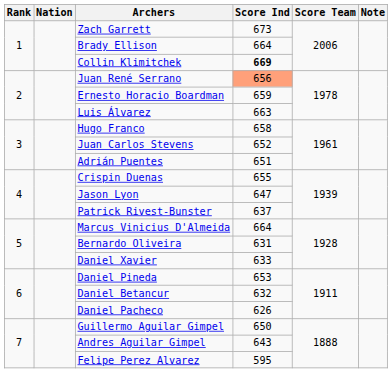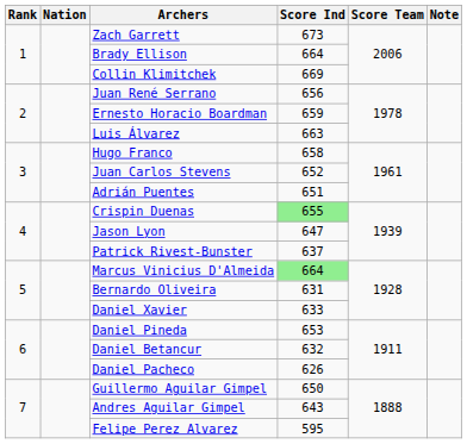 <table class="wikitable sortable" style="text-align:center">
 <tr>
 <th>Rank</th>
 <th>Nation</th>
 <th>Archers</th>
 <th>Score Ind</th>
 <th>Score Team</th>
 <th>Note</th>
 </tr>
 <tr>
 <td rowspan="3">1</td>
 <td rowspan="3" align=left></td>
 <td align=left><a href='#'>Zach Garrett</a></td>
 <td>673</td>
 <td rowspan="3">2006</td>
 <td rowspan="3"></td>
 </tr>
 <tr>
 <td align=left><a href='#'>Brady Ellison</a></td>
 <td>664</td>
 </tr>
 <tr>
 <td align=left><a href='#'>Collin Klimitchek</a></td>
-<td><strong>669</strong></td>
+<td>669</td>
 </tr>
 <tr>
 <td rowspan="3">2</td>
 <td rowspan="3" align=left></td>
 <td align=left><a href='#'>Juan René Serrano</a></td>
-<td style="background: lightsalmon;">656</td>
+<td>656</td>
 <td rowspan="3">1978</td>
 <td rowspan="3"></td>
 </tr>
 <tr>
 <td align=left><a href='#'>Ernesto Horacio Boardman</a></td>
 <td>659</td>
 </tr>
 <tr>
 <td align=left><a href='#'>Luis Álvarez</a></td>
 <td>663</td>
 </tr>
 <tr>
 <td rowspan="3">3</td>
 <td rowspan="3" align=left></td>
 <td align=left><a href='#'>Hugo Franco</a></td>
 <td>658</td>
 <td rowspan="3">1961</td>
 <td rowspan="3"></td>
 </tr>
 <tr>
 <td align=left><a href='#'>Juan Carlos Stevens</a></td>
 <td>652</td>
 </tr>
 <tr>
 <td align=left><a href='#'>Adrián Puentes</a></td>
 <td>651</td>
 </tr>
 <tr>
 <td rowspan="3">4</td>
 <td rowspan="3" align=left></td>
 <td align=left><a href='#'>Crispin Duenas</a></td>
-<td>655</td>
+<td style="background: lightgreen;">655</td>
 <td rowspan="3">1939</td>
 <td rowspan="3"></td>
 </tr>
 <tr>
 <td align=left><a href='#'>Jason Lyon</a></td>
 <td>647</td>
 </tr>
 <tr>
 <td align=left><a href='#'>Patrick Rivest-Bunster</a></td>
 <td>637</td>
 </tr>
 <tr>
 <td rowspan="3">5</td>
 <td rowspan="3" align=left></td>
 <td align=left><a href='#'>Marcus Vinicius D'Almeida</a></td>
-<td>664</td>
+<td style="background: lightgreen;">664</td>
 <td rowspan="3">1928</td>
 <td rowspan="3"></td>
 </tr>
 <tr>
 <td align=left><a href='#'>Bernardo Oliveira</a></td>
 <td>631</td>
 </tr>
 <tr>
 <td align=left><a href='#'>Daniel Xavier</a></td>
 <td>633</td>
 </tr>
 <tr>
 <td rowspan="3">6</td>
 <td rowspan="3" align=left></td>
 <td align=left><a href='#'>Daniel Pineda</a></td>
 <td>653</td>
 <td rowspan="3">1911</td>
 <td rowspan="3"></td>
 </tr>
 <tr>
 <td align=left><a href='#'>Daniel Betancur</a></td>
 <td>632</td>
 </tr>
 <tr>
 <td align=left><a href='#'>Daniel Pacheco</a></td>
 <td>626</td>
 </tr>
 <tr>
 <td rowspan="3">7</td>
 <td rowspan="3" align=left></td>
 <td align=left><a href='#'>Guillermo Aguilar Gimpel</a></td>
 <td>650</td>
 <td rowspan="3">1888</td>
 <td rowspan="3"></td>
 </tr>
 <tr>
 <td align=left><a href='#'>Andres Aguilar Gimpel</a></td>
 <td>643</td>
 </tr>
 <tr>
 <td align=left><a href='#'>Felipe Perez Alvarez</a></td>
 <td>595</td>
 </tr>
 </table>
